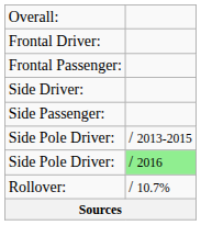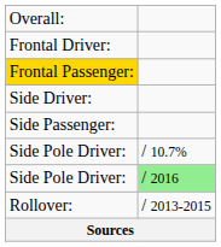 <table class="wikitable">
 <tr>
 <td>Overall:</td>
 <td></td>
 </tr>
 <tr>
 <td>Frontal Driver:</td>
 <td></td>
 </tr>
 <tr>
-<td>Frontal Passenger:</td>
+<td style="background: gold;">Frontal Passenger:</td>
 <td></td>
 </tr>
 <tr>
 <td>Side Driver:</td>
 <td></td>
 </tr>
 <tr>
 <td>Side Passenger:</td>
 <td></td>
 </tr>
 <tr>
 <td>Side Pole Driver:</td>
-<td> / <small>2013-2015</small></td>
+<td> / <small>10.7%</small></td>
 </tr>
 <tr>
 <td>Side Pole Driver:</td>
 <td style="background: lightgreen;"> / <small>2016</small></td>
 </tr>
 <tr>
 <td>Rollover:</td>
-<td> / <small>10.7%</small></td>
+<td> / <small>2013-2015</small></td>
 </tr>
 <tr>
 <th colspan="2" style="text-align:center; font-size:85%;">Sources</th>
 </tr>
 </table>
